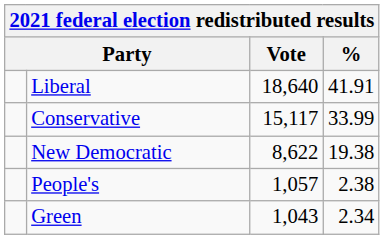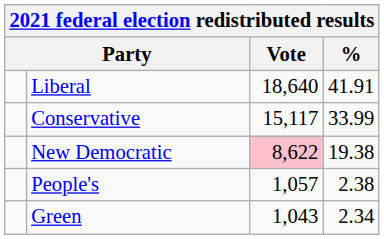 <table class="wikitable">
 <tr>
 <th colspan="4"><a href='#'>2021 federal election</a> redistributed results</th>
 </tr>
 <tr>
 <th bgcolor="#DDDDFF" width="130px" colspan="2">Party</th>
 <th bgcolor="#DDDDFF" width="50px">Vote</th>
 <th bgcolor="#DDDDFF" width="30px">%</th>
 </tr>
 <tr>
 <td> </td>
 <td><a href='#'>Liberal</a></td>
 <td align=right>18,640</td>
 <td align=right>41.91</td>
 </tr>
 <tr>
 <td> </td>
 <td><a href='#'>Conservative</a></td>
 <td align=right>15,117</td>
 <td align=right>33.99</td>
 </tr>
 <tr>
 <td> </td>
 <td><a href='#'>New Democratic</a></td>
-<td align=right>8,622</td>
+<td align=right style="background: pink;">8,622</td>
 <td align=right>19.38</td>
 </tr>
 <tr>
 <td> </td>
 <td><a href='#'>People's</a></td>
 <td align=right>1,057</td>
 <td align=right>2.38</td>
 </tr>
 <tr>
 <td> </td>
 <td><a href='#'>Green</a></td>
 <td align=right>1,043</td>
 <td align=right>2.34</td>
 </tr>
 </table>
